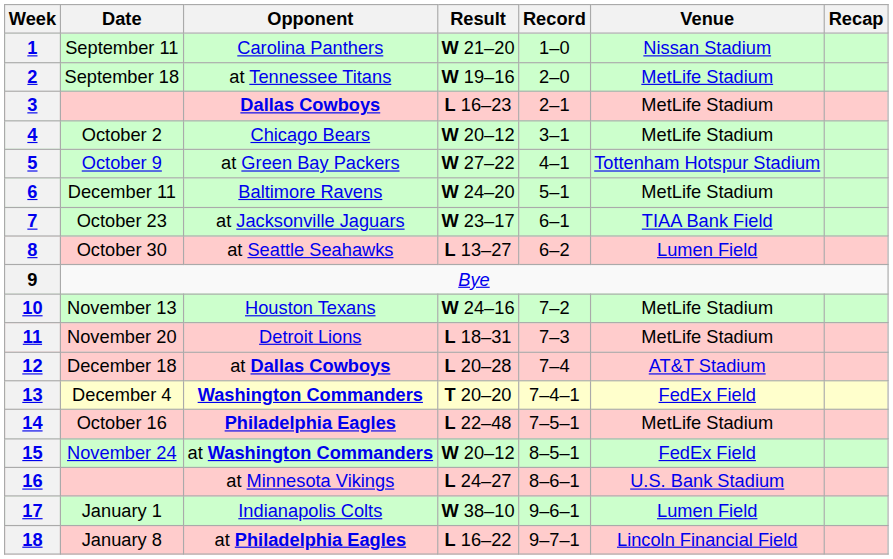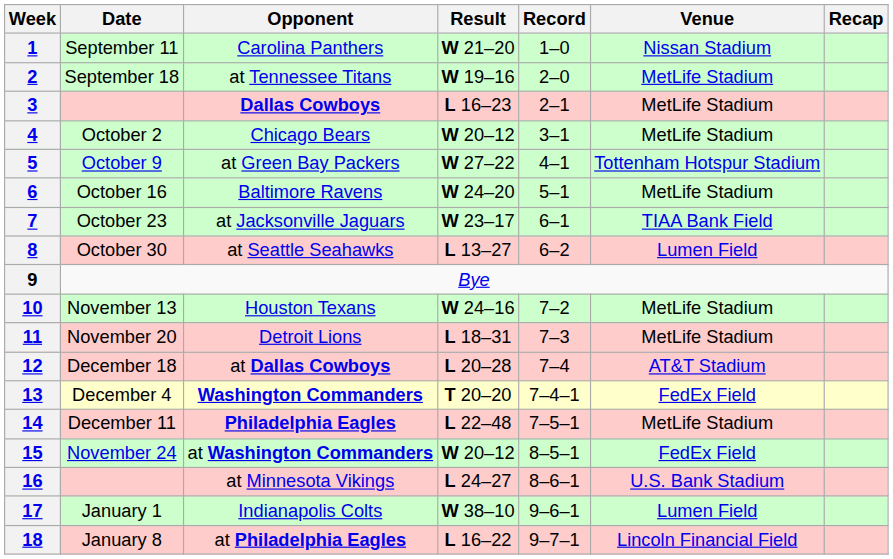 <table class="wikitable" style="text-align:center">
 <tr>
 <th>Week</th>
 <th>Date</th>
 <th>Opponent</th>
 <th>Result</th>
 <th>Record</th>
 <th>Venue</th>
 <th>Recap</th>
 </tr>
 <tr style="background:#cfc">
 <th><a href='#'>1</a></th>
 <td>September 11</td>
 <td><a href='#'>Carolina Panthers</a></td>
 <td><strong>W</strong> 21–20</td>
 <td>1–0</td>
 <td><a href='#'>Nissan Stadium</a></td>
 <td></td>
 </tr>
 <tr style="background:#cfc">
 <th><a href='#'>2</a></th>
 <td>September 18</td>
 <td>at <a href='#'>Tennessee Titans</a></td>
 <td><strong>W</strong> 19–16</td>
 <td>2–0</td>
 <td><a href='#'>MetLife Stadium</a></td>
 <td></td>
 </tr>
 <tr style="background:#fcc">
 <th><a href='#'>3</a></th>
 <td></td>
 <td><strong><a href='#'>Dallas Cowboys</a></strong></td>
 <td><strong>L</strong> 16–23</td>
 <td>2–1</td>
 <td>MetLife Stadium</td>
 <td></td>
 </tr>
 <tr style="background:#cfc">
 <th><a href='#'>4</a></th>
 <td>October 2</td>
 <td><a href='#'>Chicago Bears</a></td>
 <td><strong>W</strong> 20–12</td>
 <td>3–1</td>
 <td>MetLife Stadium</td>
 <td></td>
 </tr>
 <tr style="background:#cfc">
 <th><a href='#'>5</a></th>
 <td><a href='#'>October 9</a></td>
 <td>at <a href='#'>Green Bay Packers</a></td>
 <td><strong>W</strong> 27–22</td>
 <td>4–1</td>
 <td> <a href='#'>Tottenham Hotspur Stadium</a> </td>
 <td></td>
 </tr>
 <tr style="background:#cfc">
 <th><a href='#'>6</a></th>
-<td>December 11</td>
+<td>October 16</td>
 <td><a href='#'>Baltimore Ravens</a></td>
 <td><strong>W</strong> 24–20</td>
 <td>5–1</td>
 <td>MetLife Stadium</td>
 <td></td>
 </tr>
 <tr style="background:#cfc">
 <th><a href='#'>7</a></th>
 <td>October 23</td>
 <td>at <a href='#'>Jacksonville Jaguars</a></td>
 <td><strong>W</strong> 23–17</td>
 <td>6–1</td>
 <td><a href='#'>TIAA Bank Field</a></td>
 <td></td>
 </tr>
 <tr style="background:#fcc">
 <th><a href='#'>8</a></th>
 <td>October 30</td>
 <td>at <a href='#'>Seattle Seahawks</a></td>
 <td><strong>L</strong> 13–27</td>
 <td>6–2</td>
 <td><a href='#'>Lumen Field</a></td>
 <td></td>
 </tr>
 <tr>
 <th>9</th>
 <td colspan="8"><em><a href='#'>Bye</a></em></td>
 </tr>
 <tr style="background:#cfc">
 <th><a href='#'>10</a></th>
 <td>November 13</td>
 <td><a href='#'>Houston Texans</a></td>
 <td><strong>W</strong> 24–16</td>
 <td>7–2</td>
 <td>MetLife Stadium</td>
 <td></td>
 </tr>
 <tr style="background:#fcc">
 <th><a href='#'>11</a></th>
 <td>November 20</td>
 <td><a href='#'>Detroit Lions</a></td>
 <td><strong>L</strong> 18–31</td>
 <td>7–3</td>
 <td>MetLife Stadium</td>
 <td></td>
 </tr>
 <tr style="background:#fcc">
 <th><a href='#'>12</a></th>
 <td>December 18</td>
 <td>at <strong><a href='#'>Dallas Cowboys</a></strong></td>
 <td><strong>L</strong> 20–28</td>
 <td>7–4</td>
 <td><a href='#'>AT&T Stadium</a></td>
 <td></td>
 </tr>
 <tr style="background:#ffc">
 <th><a href='#'>13</a></th>
 <td>December 4</td>
 <td><strong><a href='#'>Washington Commanders</a></strong></td>
 <td><strong>T</strong> 20–20 </td>
 <td>7–4–1</td>
 <td><a href='#'>FedEx Field</a></td>
 <td></td>
 </tr>
 <tr style="background:#fcc">
 <th><a href='#'>14</a></th>
-<td>October 16</td>
+<td>December 11</td>
 <td><strong><a href='#'>Philadelphia Eagles</a></strong></td>
 <td><strong>L</strong> 22–48</td>
 <td>7–5–1</td>
 <td>MetLife Stadium</td>
 <td></td>
 </tr>
 <tr style="background:#cfc">
 <th><a href='#'>15</a></th>
 <td><a href='#'>November 24</a></td>
 <td>at <strong><a href='#'>Washington Commanders</a></strong></td>
 <td><strong>W</strong> 20–12</td>
 <td>8–5–1</td>
 <td><a href='#'>FedEx Field</a></td>
 <td></td>
 </tr>
 <tr style="background:#fcc">
 <th><a href='#'>16</a></th>
 <td></td>
 <td>at <a href='#'>Minnesota Vikings</a></td>
 <td><strong>L</strong> 24–27</td>
 <td>8–6–1</td>
 <td><a href='#'>U.S. Bank Stadium</a></td>
 <td></td>
 </tr>
 <tr style="background:#cfc">
 <th><a href='#'>17</a></th>
 <td>January 1</td>
 <td><a href='#'>Indianapolis Colts</a></td>
 <td><strong>W</strong> 38–10</td>
 <td>9–6–1</td>
 <td><a href='#'>Lumen Field</a></td>
 <td></td>
 </tr>
 <tr style="background:#fcc">
 <th><a href='#'>18</a></th>
 <td>January 8</td>
 <td>at <strong><a href='#'>Philadelphia Eagles</a></strong></td>
 <td><strong>L</strong> 16–22</td>
 <td>9–7–1</td>
 <td><a href='#'>Lincoln Financial Field</a></td>
 <td></td>
 </tr>
 </table>
